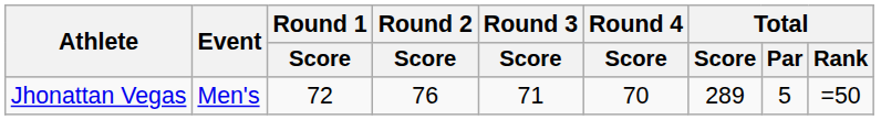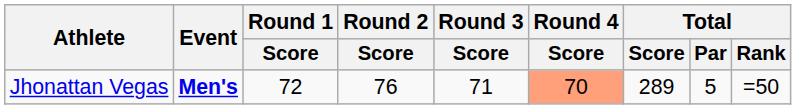 <table class=wikitable style="font-size:90%;">
 <tr>
 <th rowspan=2>Athlete</th>
 <th rowspan=2>Event</th>
 <th>Round 1</th>
 <th>Round 2</th>
 <th>Round 3</th>
 <th>Round 4</th>
 <th colspan=3>Total</th>
 </tr>
 <tr style="font-size:95%">
 <th>Score</th>
 <th>Score</th>
 <th>Score</th>
 <th>Score</th>
 <th>Score</th>
 <th>Par</th>
 <th>Rank</th>
 </tr>
 <tr align=center>
 <td align=left><a href='#'>Jhonattan Vegas</a></td>
-<td align=left><a href='#'>Men's</a></td>
+<td align=left><strong><a href='#'>Men's</a></strong></td>
 <td>72</td>
 <td>76</td>
 <td>71</td>
-<td>70</td>
+<td style="background: lightsalmon;">70</td>
 <td>289</td>
 <td>5</td>
 <td>=50</td>
 </tr>
 </table>
